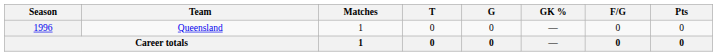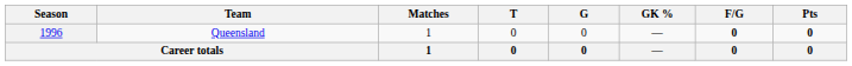 <table class="wikitable sortable"  style="font-size:90%; text-align:center; width:85%;">
 <tr>
 <th width=2%>Season</th>
 <th width=8%>Team</th>
 <th width=2%>Matches</th>
 <th width=2%>T</th>
 <th width=2%>G</th>
 <th width=2%>GK %</th>
 <th width=2%>F/G</th>
 <th width=2%>Pts</th>
 </tr>
 <tr>
 <th scope="row" style="text-align:center; font-weight:normal"><a href='#'>1996</a></th>
 <td style="text-align:center;"> <a href='#'>Queensland</a></td>
 <td>1</td>
 <td>0</td>
 <td>0</td>
 <td>—</td>
-<td>0</td>
-<td>0</td>
+<td><strong>0</strong></td>
+<td><strong>0</strong></td>
 </tr>
 <tr class="sortbottom">
 <th colspan=2>Career totals</th>
 <th>1</th>
 <th>0</th>
 <th>0</th>
 <th>—</th>
 <th>0</th>
 <th>0</th>
 </tr>
 </table>
